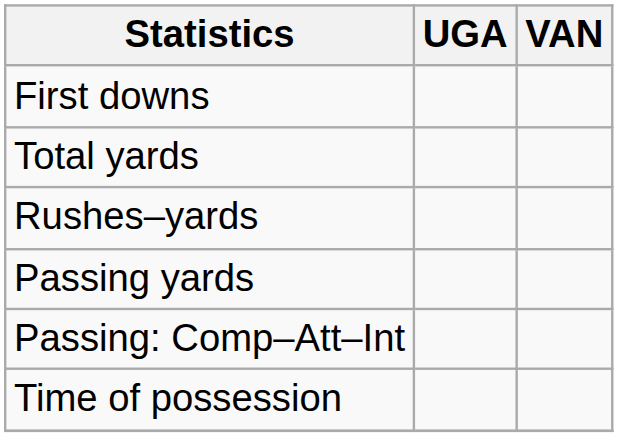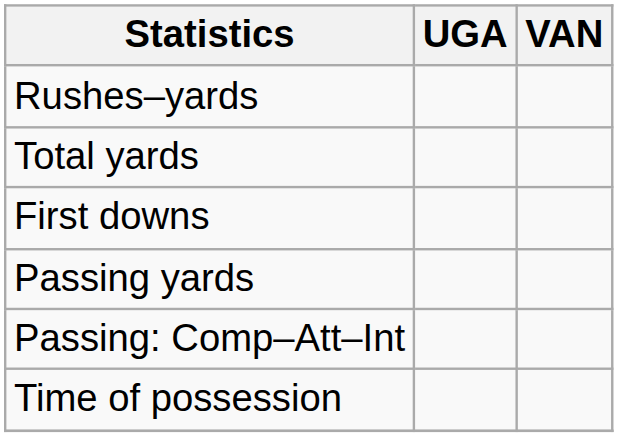 <table class="wikitable" style="float: left;">
 <tr>
 <th>Statistics</th>
 <th>UGA</th>
 <th>VAN</th>
 </tr>
 <tr>
-<td>First downs</td>
+<td>Rushes–yards</td>
 <td></td>
 <td></td>
 </tr>
 <tr>
 <td>Total yards</td>
 <td></td>
 <td></td>
 </tr>
 <tr>
-<td>Rushes–yards</td>
+<td>First downs</td>
 <td></td>
 <td></td>
 </tr>
 <tr>
 <td>Passing yards</td>
 <td></td>
 <td></td>
 </tr>
 <tr>
 <td>Passing: Comp–Att–Int</td>
 <td></td>
 <td></td>
 </tr>
 <tr>
 <td>Time of possession</td>
 <td></td>
 <td></td>
 </tr>
 <tr>
 </tr>
 </table>
